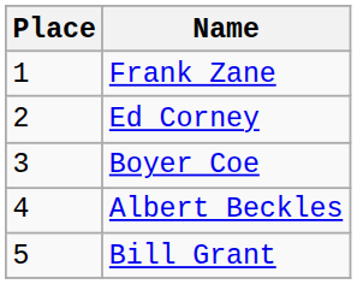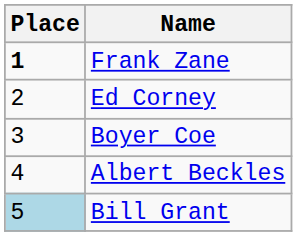 <table class="wikitable">
 <tr>
 <th>Place</th>
 <th>Name</th>
 </tr>
 <tr>
-<td>1</td>
+<td><strong>1</strong></td>
 <td> <a href='#'>Frank Zane</a></td>
 </tr>
 <tr>
 <td>2</td>
 <td> <a href='#'>Ed Corney</a></td>
 </tr>
 <tr>
 <td>3</td>
 <td> <a href='#'>Boyer Coe</a></td>
 </tr>
 <tr>
 <td>4</td>
 <td> <a href='#'>Albert Beckles</a></td>
 </tr>
 <tr>
-<td>5</td>
+<td style="background: lightblue;">5</td>
 <td> <a href='#'>Bill Grant</a></td>
 </tr>
 </table>
